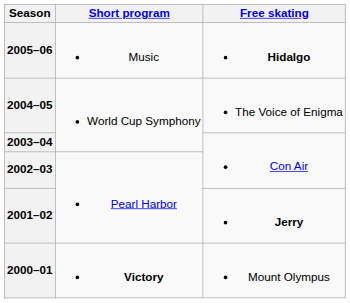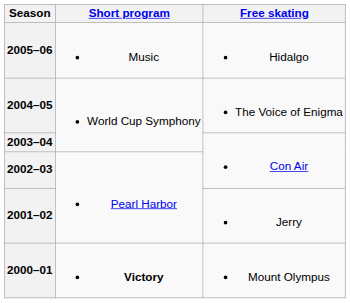 <table class=wikitable style=text-align:center>
 <tr>
 <th>Season</th>
 <th><a href='#'>Short program</a></th>
 <th><a href='#'>Free skating</a></th>
 </tr>
 <tr>
 <th>2005–06 <br> </th>
 <td><br><ul><li>Music <br></li></ul></td>
-<td><strong><br><ul><li>Hidalgo <br></li></ul></strong></td>
+<td><br><ul><li>Hidalgo <br></li></ul></td>
 </tr>
 <tr>
 <th>2004–05 <br> </th>
 <td rowspan=2><br><ul><li>World Cup Symphony</li></ul></td>
 <td><br><ul><li>The Voice of Enigma <br></li></ul></td>
 </tr>
 <tr>
 <th>2003–04 <br> </th>
 <td rowspan=2><br><ul><li><a href='#'>Con Air</a> <br></li></ul></td>
 </tr>
 <tr>
 <th>2002–03 <br> </th>
 <td rowspan=2><br><ul><li><a href='#'>Pearl Harbor</a> <br></li></ul></td>
 </tr>
 <tr>
 <th>2001–02 <br> </th>
-<td><strong><br><ul><li>Jerry <br></li></ul></strong></td>
+<td><br><ul><li>Jerry <br></li></ul></td>
 </tr>
 <tr>
 <th>2000–01 <br> </th>
 <td><strong><br><ul><li>Victory <br></li></ul></strong></td>
 <td><br><ul><li>Mount Olympus <br></li></ul></td>
 </tr>
 </table>
